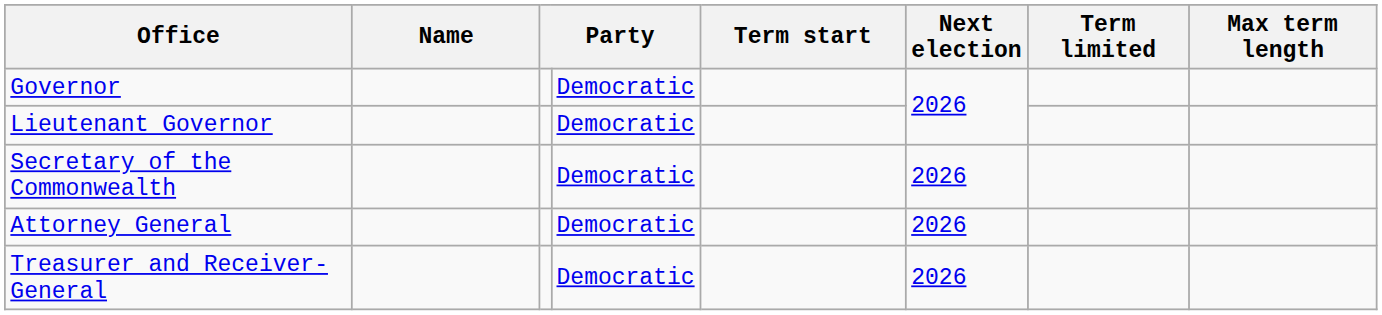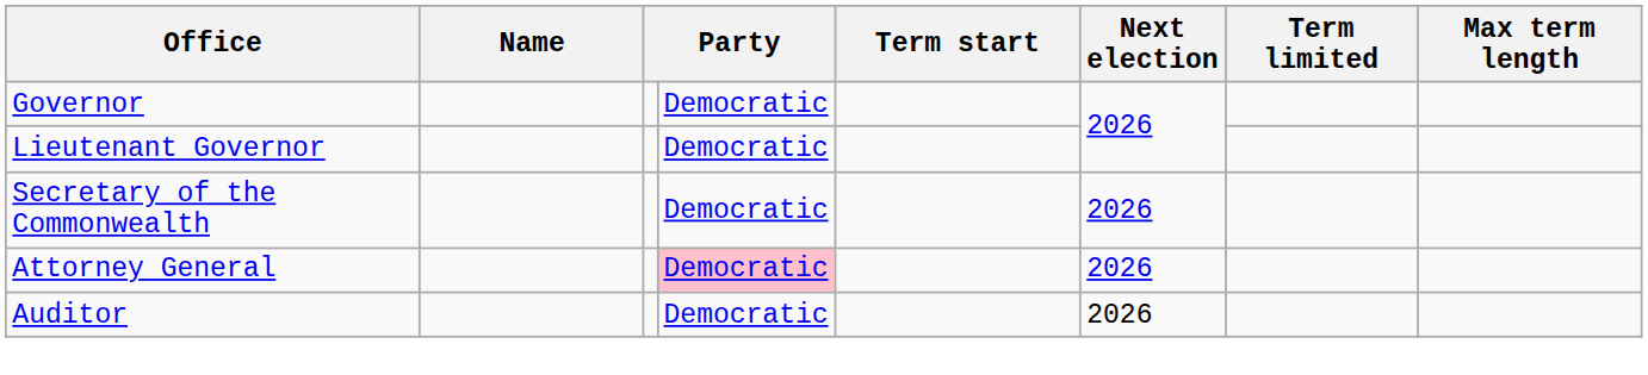 <table class="sortable wikitable">
 <tr>
 <th scope="col" width=190>Office</th>
 <th scope="col" width=100>Name</th>
 <th scope="col" width=75 colspan=2>Party</th>
 <th scope="col" width=110>Term start</th>
 <th scope="col" width=50>Next election</th>
 <th scope="col" width=85>Term limited</th>
 <th scope="col" width=100>Max term length</th>
 </tr>
 <tr>
 <td><a href='#'>Governor</a></td>
 <td></td>
 <td style="background-color:"></td>
 <td><a href='#'>Democratic</a></td>
 <td></td>
 <td rowspan=2><a href='#'>2026</a></td>
 <td></td>
 <td></td>
 </tr>
 <tr>
 <td><a href='#'>Lieutenant Governor</a></td>
 <td></td>
 <td style="background-color:"></td>
 <td><a href='#'>Democratic</a></td>
 <td></td>
 <td></td>
 <td></td>
 </tr>
 <tr>
 <td><a href='#'>Secretary of the Commonwealth</a></td>
 <td></td>
 <td style="background-color:"></td>
 <td><a href='#'>Democratic</a></td>
 <td></td>
 <td><a href='#'>2026</a></td>
 <td></td>
 <td></td>
 </tr>
 <tr>
 <td><a href='#'>Attorney General</a></td>
 <td></td>
 <td style="background-color:"></td>
-<td><a href='#'>Democratic</a></td>
+<td style="background: pink;"><a href='#'>Democratic</a></td>
 <td></td>
 <td><a href='#'>2026</a></td>
 <td></td>
 <td></td>
 </tr>
 <tr>
-<td><a href='#'>Treasurer and Receiver-General</a></td>
+<td><a href='#'>Auditor</a></td>
 <td></td>
 <td style="background-color:"></td>
 <td><a href='#'>Democratic</a></td>
 <td></td>
-<td><a href='#'>2026</a></td>
+<td>2026</td>
 <td></td>
 <td></td>
 </tr>
 </table>
